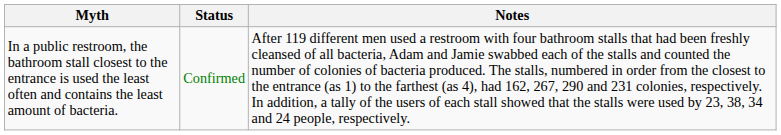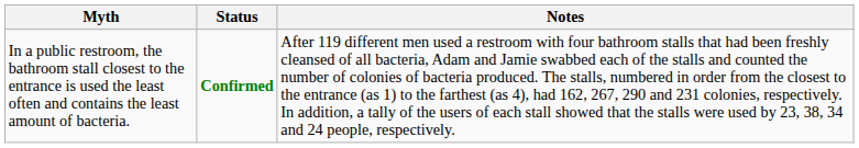 <table class="wikitable plainrowheaders">
 <tr>
 <th scope"col">Myth</th>
 <th scope"col">Status</th>
 <th scope"col">Notes</th>
 </tr>
 <tr>
 <td scope"row">In a public restroom, the bathroom stall closest to the entrance is used the least often and contains the least amount of bacteria.</td>
-<td style="color:green">Confirmed</td>
+<td style="color:green"><strong>Confirmed</strong></td>
 <td>After 119 different men used a restroom with four bathroom stalls that had been freshly cleansed of all bacteria, Adam and Jamie swabbed each of the stalls and counted the number of colonies of bacteria produced. The stalls, numbered in order from the closest to the entrance (as 1) to the farthest (as 4), had 162, 267, 290 and 231 colonies, respectively. In addition, a tally of the users of each stall showed that the stalls were used by 23, 38, 34 and 24 people, respectively.</td>
 </tr>
 </table>
